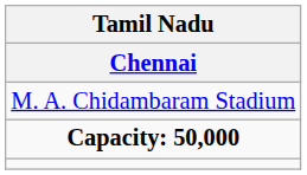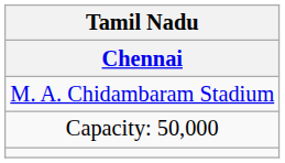 <table class="wikitable" style="text-align:center;font-size:100%">
 <tr>
 <th>Tamil Nadu</th>
 </tr>
 <tr>
 <th><a href='#'>Chennai</a></th>
 </tr>
 <tr>
 <td><a href='#'>M. A. Chidambaram Stadium</a></td>
 </tr>
 <tr>
-<td><strong>Capacity: 50,000</strong></td>
+<td>Capacity: 50,000</td>
 </tr>
 <tr>
 <td></td>
 </tr>
 </table>
